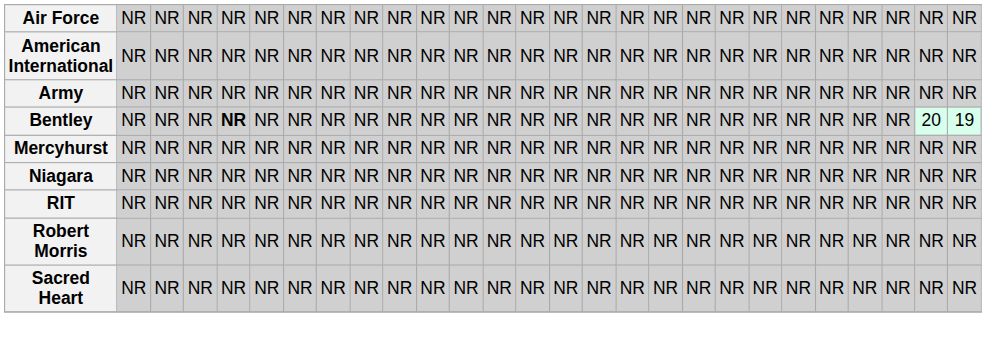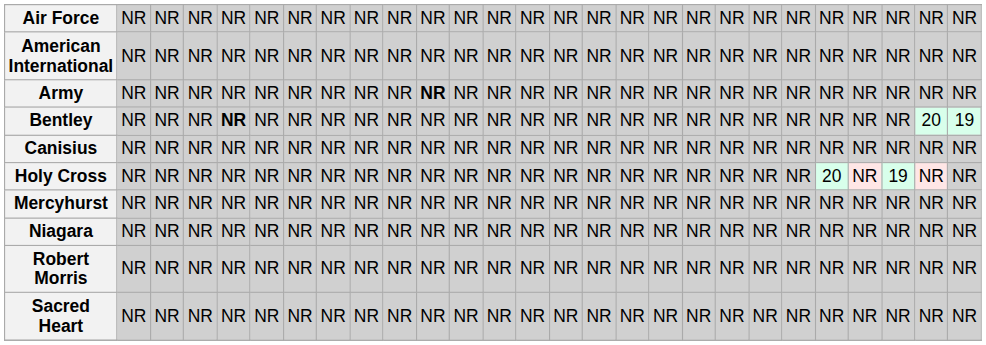 <table class="wikitable sortable" style="text-align: center;">
 <tr>
 </tr>
 <tr bgcolor=d0d0d0>
 <th><strong>Air Force</strong></th>
 <td>NR</td>
 <td>NR</td>
 <td>NR</td>
 <td>NR</td>
 <td>NR</td>
 <td>NR</td>
 <td>NR</td>
 <td>NR</td>
 <td>NR</td>
 <td>NR</td>
 <td>NR</td>
 <td>NR</td>
 <td>NR</td>
 <td>NR</td>
 <td>NR</td>
 <td>NR</td>
 <td>NR</td>
 <td>NR</td>
 <td>NR</td>
 <td>NR</td>
 <td>NR</td>
 <td>NR</td>
 <td>NR</td>
 <td>NR</td>
 <td>NR</td>
 <td>NR</td>
 </tr>
 <tr bgcolor=d0d0d0>
 <th><strong>American International</strong></th>
 <td>NR</td>
 <td>NR</td>
 <td>NR</td>
 <td>NR</td>
 <td>NR</td>
 <td>NR</td>
 <td>NR</td>
 <td>NR</td>
 <td>NR</td>
 <td>NR</td>
 <td>NR</td>
 <td>NR</td>
 <td>NR</td>
 <td>NR</td>
 <td>NR</td>
 <td>NR</td>
 <td>NR</td>
 <td>NR</td>
 <td>NR</td>
 <td>NR</td>
 <td>NR</td>
 <td>NR</td>
 <td>NR</td>
 <td>NR</td>
 <td>NR</td>
 <td>NR</td>
 </tr>
 <tr bgcolor=d0d0d0>
 <th><strong>Army</strong></th>
 <td>NR</td>
 <td>NR</td>
 <td>NR</td>
 <td>NR</td>
 <td>NR</td>
 <td>NR</td>
 <td>NR</td>
 <td>NR</td>
 <td>NR</td>
-<td>NR</td>
+<td><strong>NR</strong></td>
 <td>NR</td>
 <td>NR</td>
 <td>NR</td>
 <td>NR</td>
 <td>NR</td>
 <td>NR</td>
 <td>NR</td>
 <td>NR</td>
 <td>NR</td>
 <td>NR</td>
 <td>NR</td>
 <td>NR</td>
 <td>NR</td>
 <td>NR</td>
 <td>NR</td>
 <td>NR</td>
 </tr>
 <tr bgcolor=d0d0d0>
 <th><strong>Bentley</strong></th>
 <td>NR</td>
 <td>NR</td>
 <td>NR</td>
 <td><strong>NR</strong></td>
 <td>NR</td>
 <td>NR</td>
 <td>NR</td>
 <td>NR</td>
 <td>NR</td>
 <td>NR</td>
 <td>NR</td>
 <td>NR</td>
 <td>NR</td>
 <td>NR</td>
 <td>NR</td>
 <td>NR</td>
 <td>NR</td>
 <td>NR</td>
 <td>NR</td>
 <td>NR</td>
 <td>NR</td>
 <td>NR</td>
 <td>NR</td>
 <td>NR</td>
 <td bgcolor=D8FFEB>20</td>
 <td bgcolor=D8FFEB>19</td>
 </tr>
 <tr bgcolor=d0d0d0>
+<th><strong>Canisius</strong></th>
+<td>NR</td>
+<td>NR</td>
+<td>NR</td>
+<td>NR</td>
+<td>NR</td>
+<td>NR</td>
+<td>NR</td>
+<td>NR</td>
+<td>NR</td>
+<td>NR</td>
+<td>NR</td>
+<td>NR</td>
+<td>NR</td>
+<td>NR</td>
+<td>NR</td>
+<td>NR</td>
+<td>NR</td>
+<td>NR</td>
+<td>NR</td>
+<td>NR</td>
+<td>NR</td>
+<td>NR</td>
+<td>NR</td>
+<td>NR</td>
+<td>NR</td>
+<td>NR</td>
+</tr>
+<tr bgcolor=d0d0d0>
+<th><strong>Holy Cross</strong></th>
+<td>NR</td>
+<td>NR</td>
+<td>NR</td>
+<td>NR</td>
+<td>NR</td>
+<td>NR</td>
+<td>NR</td>
+<td>NR</td>
+<td>NR</td>
+<td>NR</td>
+<td>NR</td>
+<td>NR</td>
+<td>NR</td>
+<td>NR</td>
+<td>NR</td>
+<td>NR</td>
+<td>NR</td>
+<td>NR</td>
+<td>NR</td>
+<td>NR</td>
+<td>NR</td>
+<td bgcolor=D8FFEB>20</td>
+<td bgcolor=FFE6E6>NR</td>
+<td bgcolor=D8FFEB>19</td>
+<td bgcolor=FFE6E6>NR</td>
+<td>NR</td>
+</tr>
+<tr bgcolor=d0d0d0>
 <th><strong>Mercyhurst</strong></th>
 <td>NR</td>
 <td>NR</td>
 <td>NR</td>
 <td>NR</td>
 <td>NR</td>
 <td>NR</td>
 <td>NR</td>
 <td>NR</td>
 <td>NR</td>
 <td>NR</td>
 <td>NR</td>
 <td>NR</td>
 <td>NR</td>
 <td>NR</td>
 <td>NR</td>
 <td>NR</td>
 <td>NR</td>
 <td>NR</td>
 <td>NR</td>
 <td>NR</td>
 <td>NR</td>
 <td>NR</td>
 <td>NR</td>
 <td>NR</td>
 <td>NR</td>
 <td>NR</td>
 </tr>
 <tr bgcolor=d0d0d0>
 <th><strong>Niagara</strong></th>
-<td>NR</td>
-<td>NR</td>
-<td>NR</td>
-<td>NR</td>
-<td>NR</td>
-<td>NR</td>
-<td>NR</td>
-<td>NR</td>
-<td>NR</td>
-<td>NR</td>
-<td>NR</td>
-<td>NR</td>
-<td>NR</td>
-<td>NR</td>
-<td>NR</td>
-<td>NR</td>
-<td>NR</td>
-<td>NR</td>
-<td>NR</td>
-<td>NR</td>
-<td>NR</td>
-<td>NR</td>
-<td>NR</td>
-<td>NR</td>
-<td>NR</td>
-<td>NR</td>
-</tr>
-<tr bgcolor=d0d0d0>
-<th><strong>RIT</strong></th>
 <td>NR</td>
 <td>NR</td>
 <td>NR</td>
 <td>NR</td>
 <td>NR</td>
 <td>NR</td>
 <td>NR</td>
 <td>NR</td>
 <td>NR</td>
 <td>NR</td>
 <td>NR</td>
 <td>NR</td>
 <td>NR</td>
 <td>NR</td>
 <td>NR</td>
 <td>NR</td>
 <td>NR</td>
 <td>NR</td>
 <td>NR</td>
 <td>NR</td>
 <td>NR</td>
 <td>NR</td>
 <td>NR</td>
 <td>NR</td>
 <td>NR</td>
 <td>NR</td>
 </tr>
 <tr bgcolor=d0d0d0>
 <th><strong>Robert Morris</strong></th>
 <td>NR</td>
 <td>NR</td>
 <td>NR</td>
 <td>NR</td>
 <td>NR</td>
 <td>NR</td>
 <td>NR</td>
 <td>NR</td>
 <td>NR</td>
 <td>NR</td>
 <td>NR</td>
 <td>NR</td>
 <td>NR</td>
 <td>NR</td>
 <td>NR</td>
 <td>NR</td>
 <td>NR</td>
 <td>NR</td>
 <td>NR</td>
 <td>NR</td>
 <td>NR</td>
 <td>NR</td>
 <td>NR</td>
 <td>NR</td>
 <td>NR</td>
 <td>NR</td>
 </tr>
 <tr bgcolor=d0d0d0>
 <th><strong>Sacred Heart</strong></th>
 <td>NR</td>
 <td>NR</td>
 <td>NR</td>
 <td>NR</td>
 <td>NR</td>
 <td>NR</td>
 <td>NR</td>
 <td>NR</td>
 <td>NR</td>
 <td>NR</td>
 <td>NR</td>
 <td>NR</td>
 <td>NR</td>
 <td>NR</td>
 <td>NR</td>
 <td>NR</td>
 <td>NR</td>
 <td>NR</td>
 <td>NR</td>
 <td>NR</td>
 <td>NR</td>
 <td>NR</td>
 <td>NR</td>
 <td>NR</td>
 <td>NR</td>
 <td>NR</td>
 </tr>
 <tr>
 </tr>
 </table>
